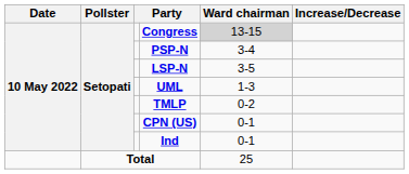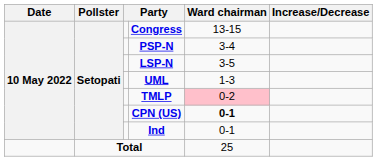 <table class="wikitable sortable" style="text-align:center;font-size:95%;line-height:16px">
 <tr>
 <th>Date</th>
 <th>Pollster</th>
 <th colspan="2">Party</th>
 <th>Ward chairman</th>
 <th>Increase/Decrease</th>
 </tr>
 <tr>
 <th rowspan="7">10 May 2022</th>
 <th rowspan="7">Setopati</th>
 <td style="background-color:"></td>
 <td><strong><a href='#'>Congress</a></strong></td>
-<td style="background: lightgrey;">13-15</td>
+<td>13-15</td>
 <td></td>
 </tr>
 <tr>
 <td style="background-color:"></td>
 <td><a href='#'><strong>PSP-N</strong></a></td>
 <td>3-4</td>
 <td></td>
 </tr>
 <tr>
 <td style="background-color:"></td>
 <td><a href='#'><strong>LSP-N</strong></a></td>
 <td>3-5</td>
 <td></td>
 </tr>
 <tr>
 <td style="background-color:"></td>
 <td><strong><a href='#'>UML</a></strong></td>
 <td>1-3</td>
 <td></td>
 </tr>
 <tr>
 <td style="background-color:"></td>
 <td><strong><a href='#'>TMLP</a></strong></td>
-<td>0-2</td>
+<td style="background: pink;">0-2</td>
 <td></td>
 </tr>
 <tr>
 <td style="background-color:"></td>
 <td><a href='#'><strong>CPN (US)</strong></a></td>
-<td>0-1</td>
+<td><strong>0-1</strong></td>
 <td></td>
 </tr>
 <tr>
 <td style="background-color:"></td>
 <td><a href='#'><strong>Ind</strong></a></td>
 <td>0-1</td>
 <td></td>
 </tr>
 <tr>
 <td></td>
 <td colspan="3"><strong>Total</strong></td>
 <td>25</td>
 <td></td>
 </tr>
 </table>
